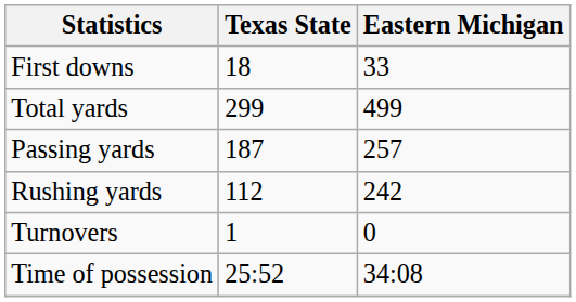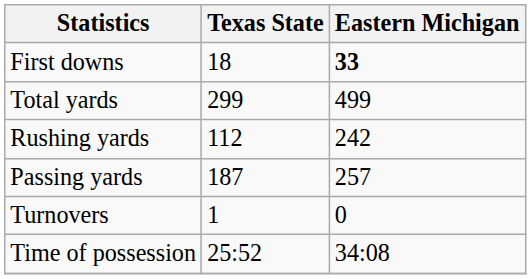 <table class="wikitable">
 <tr>
 <th>Statistics</th>
 <th>Texas State</th>
 <th>Eastern Michigan</th>
 </tr>
 <tr>
 <td>First downs</td>
 <td>18</td>
-<td>33</td>
+<td><strong>33</strong></td>
 </tr>
 <tr>
 <td>Total yards</td>
 <td>299</td>
 <td>499</td>
 </tr>
 <tr>
+<td>Rushing yards</td>
+<td>112</td>
+<td>242</td>
+</tr>
+<tr>
 <td>Passing yards</td>
 <td>187</td>
 <td>257</td>
-</tr>
-<tr>
-<td>Rushing yards</td>
-<td>112</td>
-<td>242</td>
 </tr>
 <tr>
 <td>Turnovers</td>
 <td>1</td>
 <td>0</td>
 </tr>
 <tr>
 <td>Time of possession</td>
 <td>25:52</td>
 <td>34:08</td>
 </tr>
 <tr>
 </tr>
 </table>
